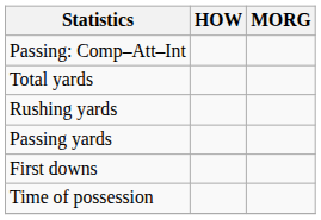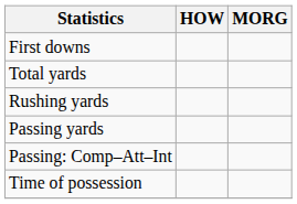 <table class="wikitable" style="float: left;">
 <tr>
 <th>Statistics</th>
 <th>HOW</th>
 <th>MORG</th>
 </tr>
 <tr>
-<td>Passing: Comp–Att–Int</td>
+<td>First downs</td>
 <td></td>
 <td></td>
 </tr>
 <tr>
 <td>Total yards</td>
 <td></td>
 <td></td>
 </tr>
 <tr>
 <td>Rushing yards</td>
 <td></td>
 <td></td>
 </tr>
 <tr>
 <td>Passing yards</td>
 <td></td>
 <td></td>
 </tr>
 <tr>
-<td>First downs</td>
+<td>Passing: Comp–Att–Int</td>
 <td></td>
 <td></td>
 </tr>
 <tr>
 <td>Time of possession</td>
 <td></td>
 <td></td>
 </tr>
 <tr>
 </tr>
 </table>
